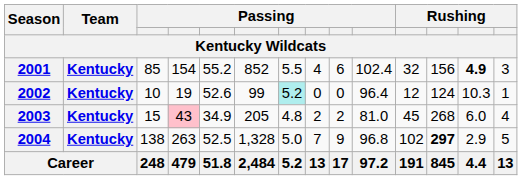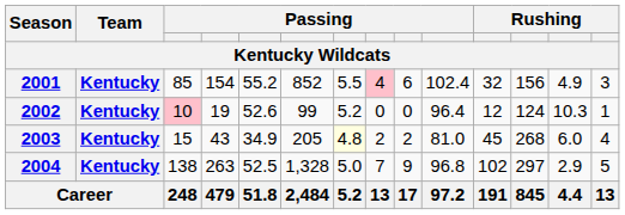 <table class="wikitable" style="text-align:center;">
 <tr>
 <th rowspan="2">Season</th>
 <th rowspan="2">Team</th>
 <th colspan="8">Passing</th>
 <th colspan="4">Rushing</th>
 </tr>
 <tr>
 <th></th>
 <th></th>
 <th></th>
 <th></th>
 <th></th>
 <th></th>
 <th></th>
 <th></th>
 <th></th>
 <th></th>
 <th></th>
 <th></th>
 </tr>
 <tr>
 <th colspan="16">Kentucky Wildcats</th>
 </tr>
 <tr>
 <th><a href='#'>2001</a></th>
 <th><a href='#'>Kentucky</a></th>
 <td>85</td>
 <td>154</td>
 <td>55.2</td>
 <td>852</td>
 <td>5.5</td>
-<td>4</td>
+<td style="background: pink;">4</td>
 <td>6</td>
 <td>102.4</td>
 <td>32</td>
 <td>156</td>
-<td><strong>4.9</strong></td>
+<td>4.9</td>
 <td>3</td>
 </tr>
 <tr>
 <th><a href='#'>2002</a></th>
 <th><a href='#'>Kentucky</a></th>
-<td>10</td>
+<td style="background: pink;">10</td>
 <td>19</td>
 <td>52.6</td>
 <td>99</td>
-<td style="background: paleturquoise;">5.2</td>
+<td>5.2</td>
 <td>0</td>
 <td>0</td>
 <td>96.4</td>
 <td>12</td>
 <td>124</td>
 <td>10.3</td>
 <td>1</td>
 </tr>
 <tr>
 <th><a href='#'>2003</a></th>
 <th><a href='#'>Kentucky</a></th>
 <td>15</td>
-<td style="background: pink;">43</td>
+<td>43</td>
 <td>34.9</td>
 <td>205</td>
-<td>4.8</td>
+<td style="background: lightyellow;">4.8</td>
 <td>2</td>
 <td>2</td>
 <td>81.0</td>
 <td>45</td>
 <td>268</td>
 <td>6.0</td>
 <td>4</td>
 </tr>
 <tr>
 <th><a href='#'>2004</a></th>
 <th><a href='#'>Kentucky</a></th>
 <td>138</td>
 <td>263</td>
 <td>52.5</td>
 <td>1,328</td>
 <td>5.0</td>
 <td>7</td>
 <td>9</td>
 <td>96.8</td>
 <td>102</td>
-<td><strong>297</strong></td>
+<td>297</td>
 <td>2.9</td>
 <td>5</td>
 </tr>
 <tr>
 <th colspan="2">Career</th>
 <th>248</th>
 <th>479</th>
 <th>51.8</th>
 <th>2,484</th>
 <th>5.2</th>
 <th>13</th>
 <th>17</th>
 <th>97.2</th>
 <th>191</th>
 <th>845</th>
 <th>4.4</th>
 <th>13</th>
 </tr>
 </table>
